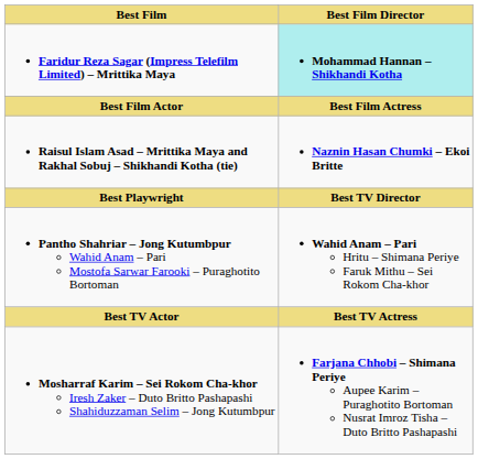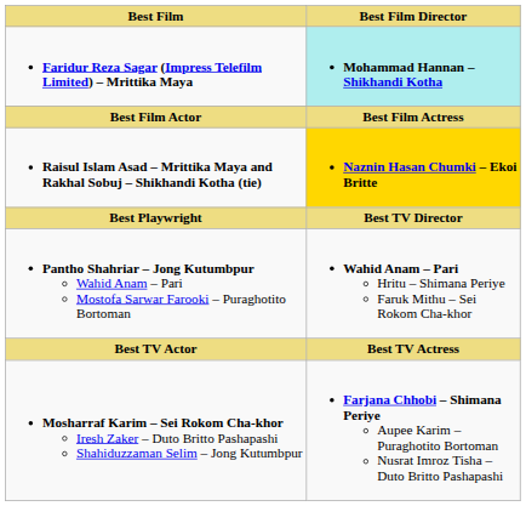 <table class="wikitable">
 <tr>
 <th style="background:#EEDD82;">Best Film</th>
 <th style="background:#EEDD82;">Best Film Director</th>
 </tr>
 <tr>
 <td><br><ul><li><strong><a href='#'>Faridur Reza Sagar</a> (<a href='#'>Impress Telefilm Limited</a>) – Mrittika Maya</strong></li></ul></td>
 <td style="background: paleturquoise;"><br><ul><li><strong>Mohammad Hannan – <a href='#'>Shikhandi Kotha</a></strong></li></ul></td>
 </tr>
 <tr>
 <th style="background:#EEDD82;">Best Film Actor</th>
 <th style="background:#EEDD82;">Best Film Actress</th>
 </tr>
 <tr>
 <td><br><ul><li><strong>Raisul Islam Asad – Mrittika Maya and Rakhal Sobuj – Shikhandi Kotha (tie)</strong></li></ul></td>
-<td><br><ul><li><strong><a href='#'>Naznin Hasan Chumki</a> – Ekoi Britte</strong></li></ul></td>
+<td style="background: gold;"><br><ul><li><strong><a href='#'>Naznin Hasan Chumki</a> – Ekoi Britte</strong></li></ul></td>
 </tr>
 <tr>
 <th style="background:#EEDD82;">Best Playwright</th>
 <th style="background:#EEDD82;">Best TV Director</th>
 </tr>
 <tr>
 <td><br><ul><li><strong>Pantho Shahriar – Jong Kutumbpur</strong><ul><li><a href='#'>Wahid Anam</a> – Pari</li><li><a href='#'>Mostofa Sarwar Farooki</a> – Puraghotito Bortoman</li></ul></li></ul></td>
 <td><br><ul><li><strong>Wahid Anam – Pari</strong><ul><li>Hritu –  Shimana Periye</li><li>Faruk Mithu  – Sei Rokom Cha-khor</li></ul></li></ul></td>
 </tr>
 <tr>
 <th style="background:#EEDD82;">Best TV Actor</th>
 <th style="background:#EEDD82;">Best TV Actress</th>
 </tr>
 <tr>
 <td><br><ul><li><strong>Mosharraf Karim – Sei Rokom Cha-khor</strong><ul><li><a href='#'>Iresh Zaker</a> – Duto Britto Pashapashi</li><li><a href='#'>Shahiduzzaman Selim</a> –  Jong Kutumbpur</li></ul></li></ul></td>
 <td><br><ul><li><strong><a href='#'>Farjana Chhobi</a> – Shimana Periye</strong><ul><li>Aupee Karim – Puraghotito Bortoman</li><li>Nusrat Imroz Tisha – Duto Britto Pashapashi</li></ul></li></ul></td>
 </tr>
 </table>
